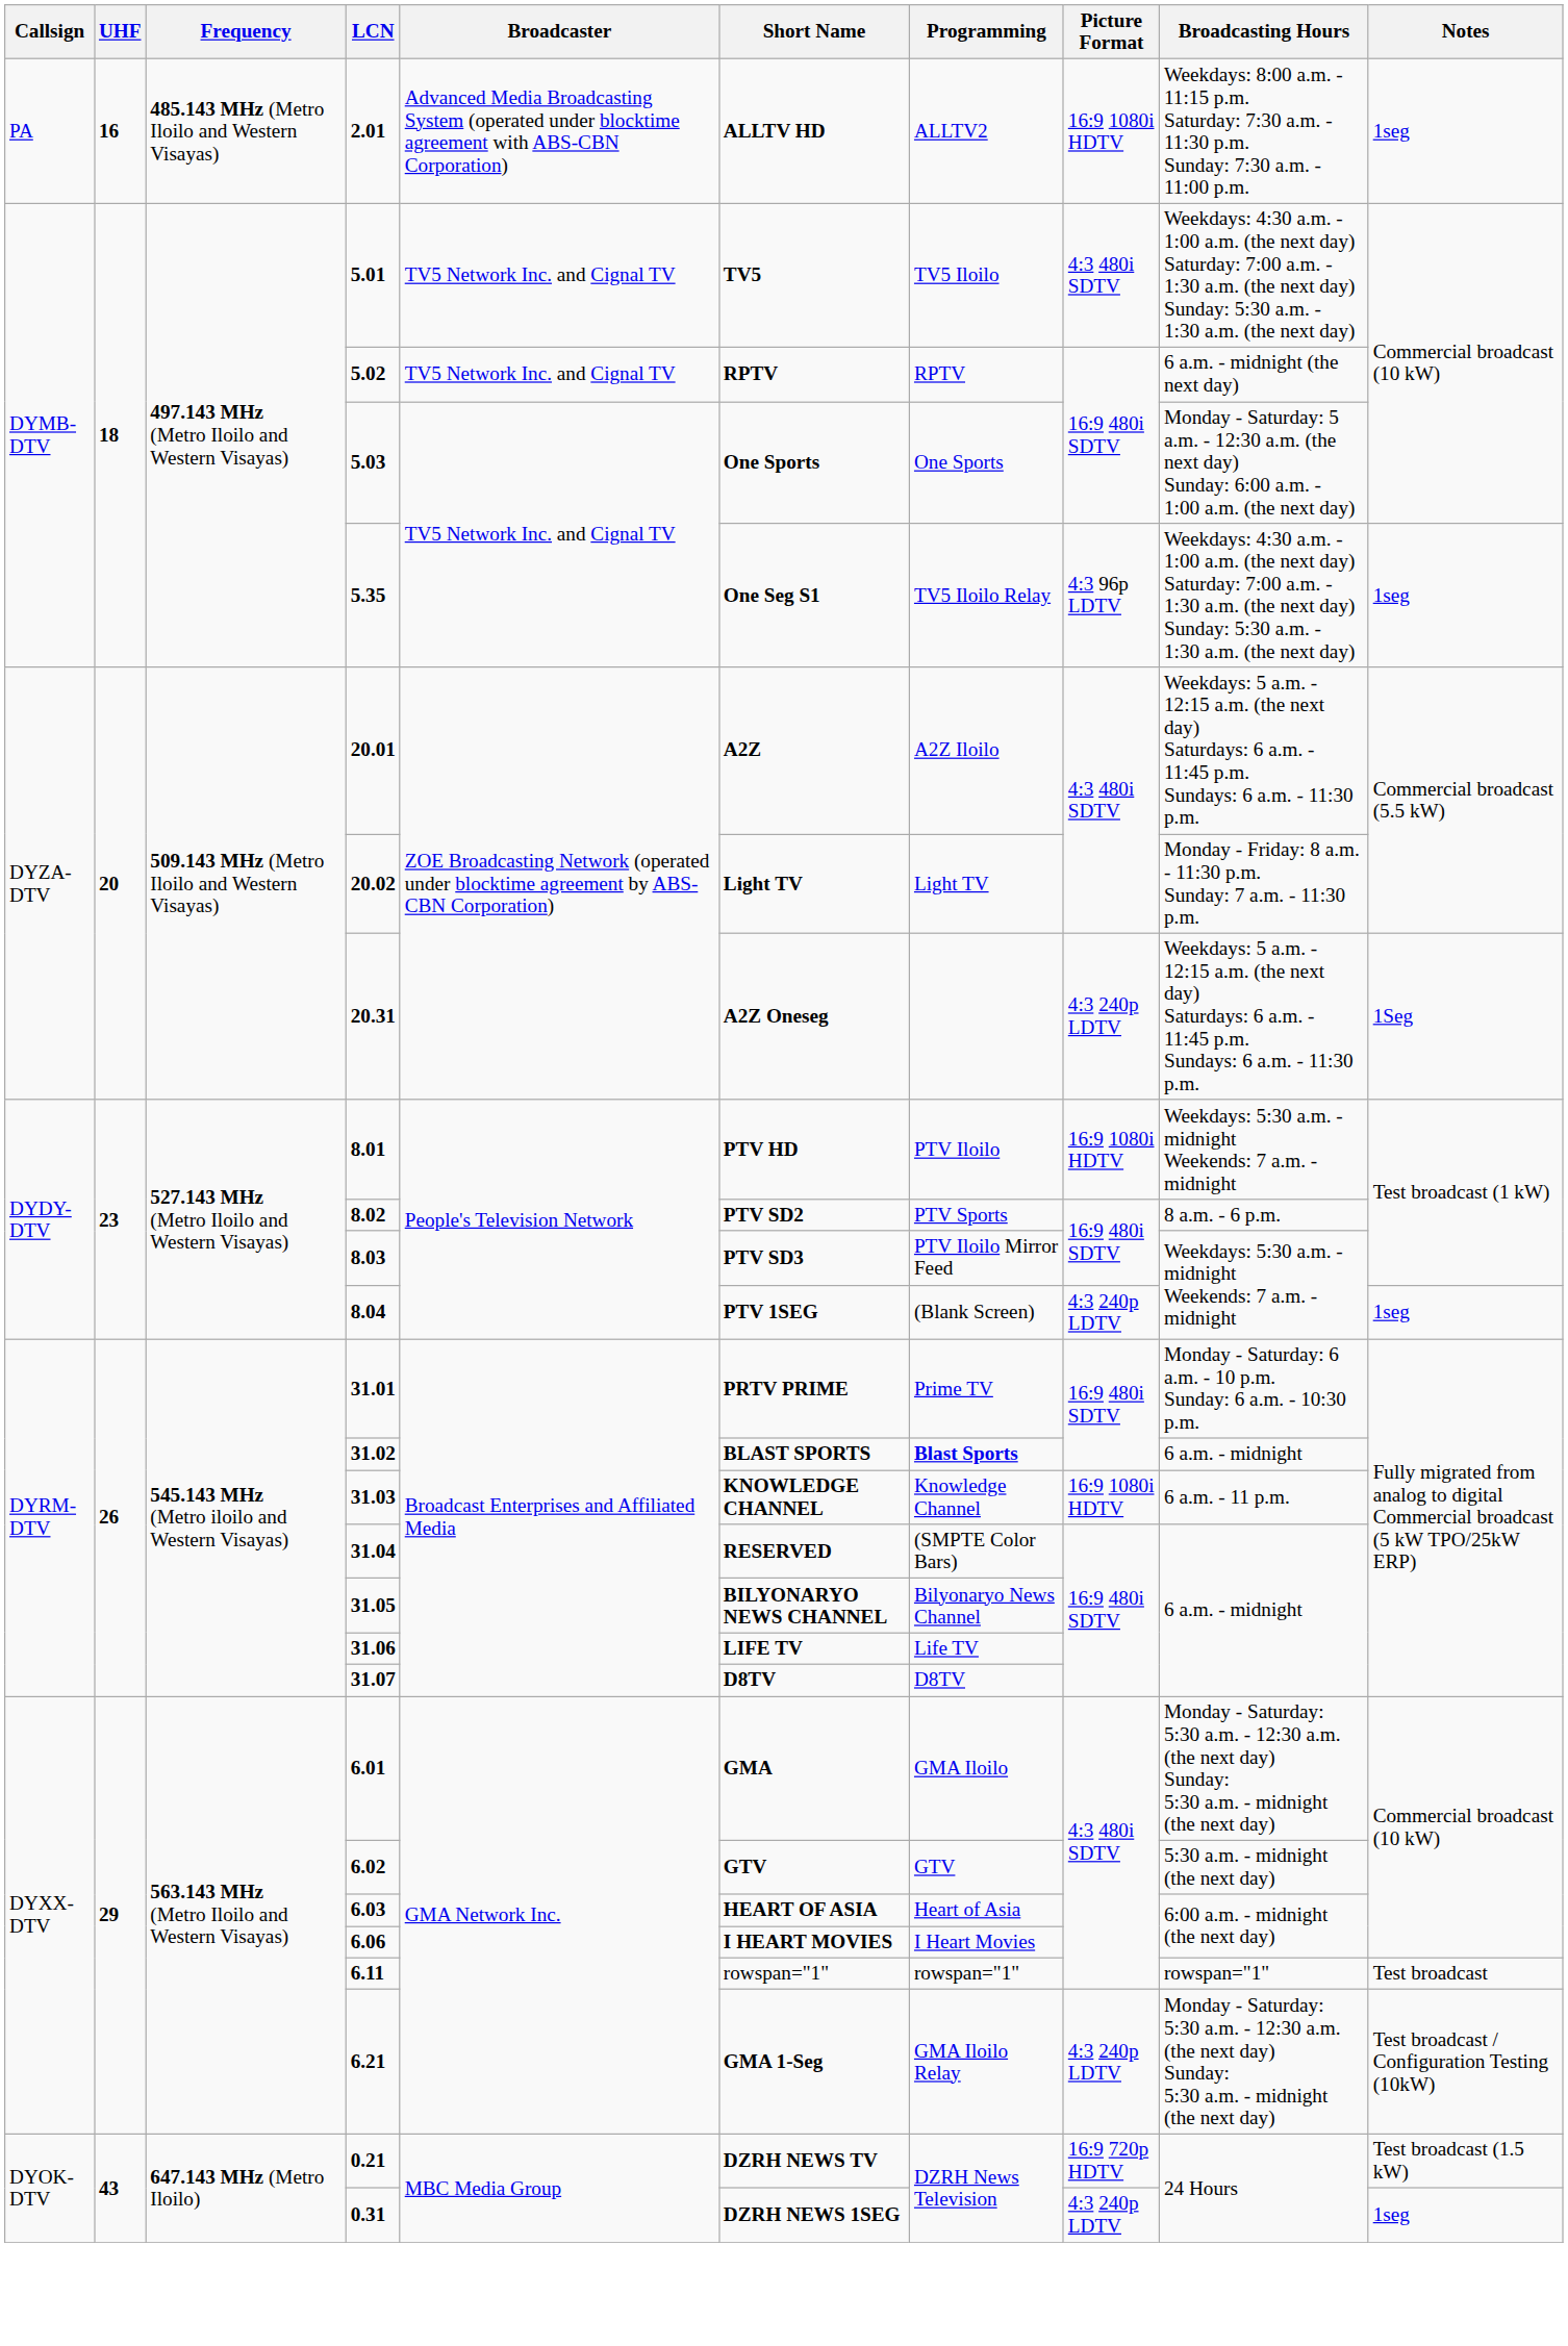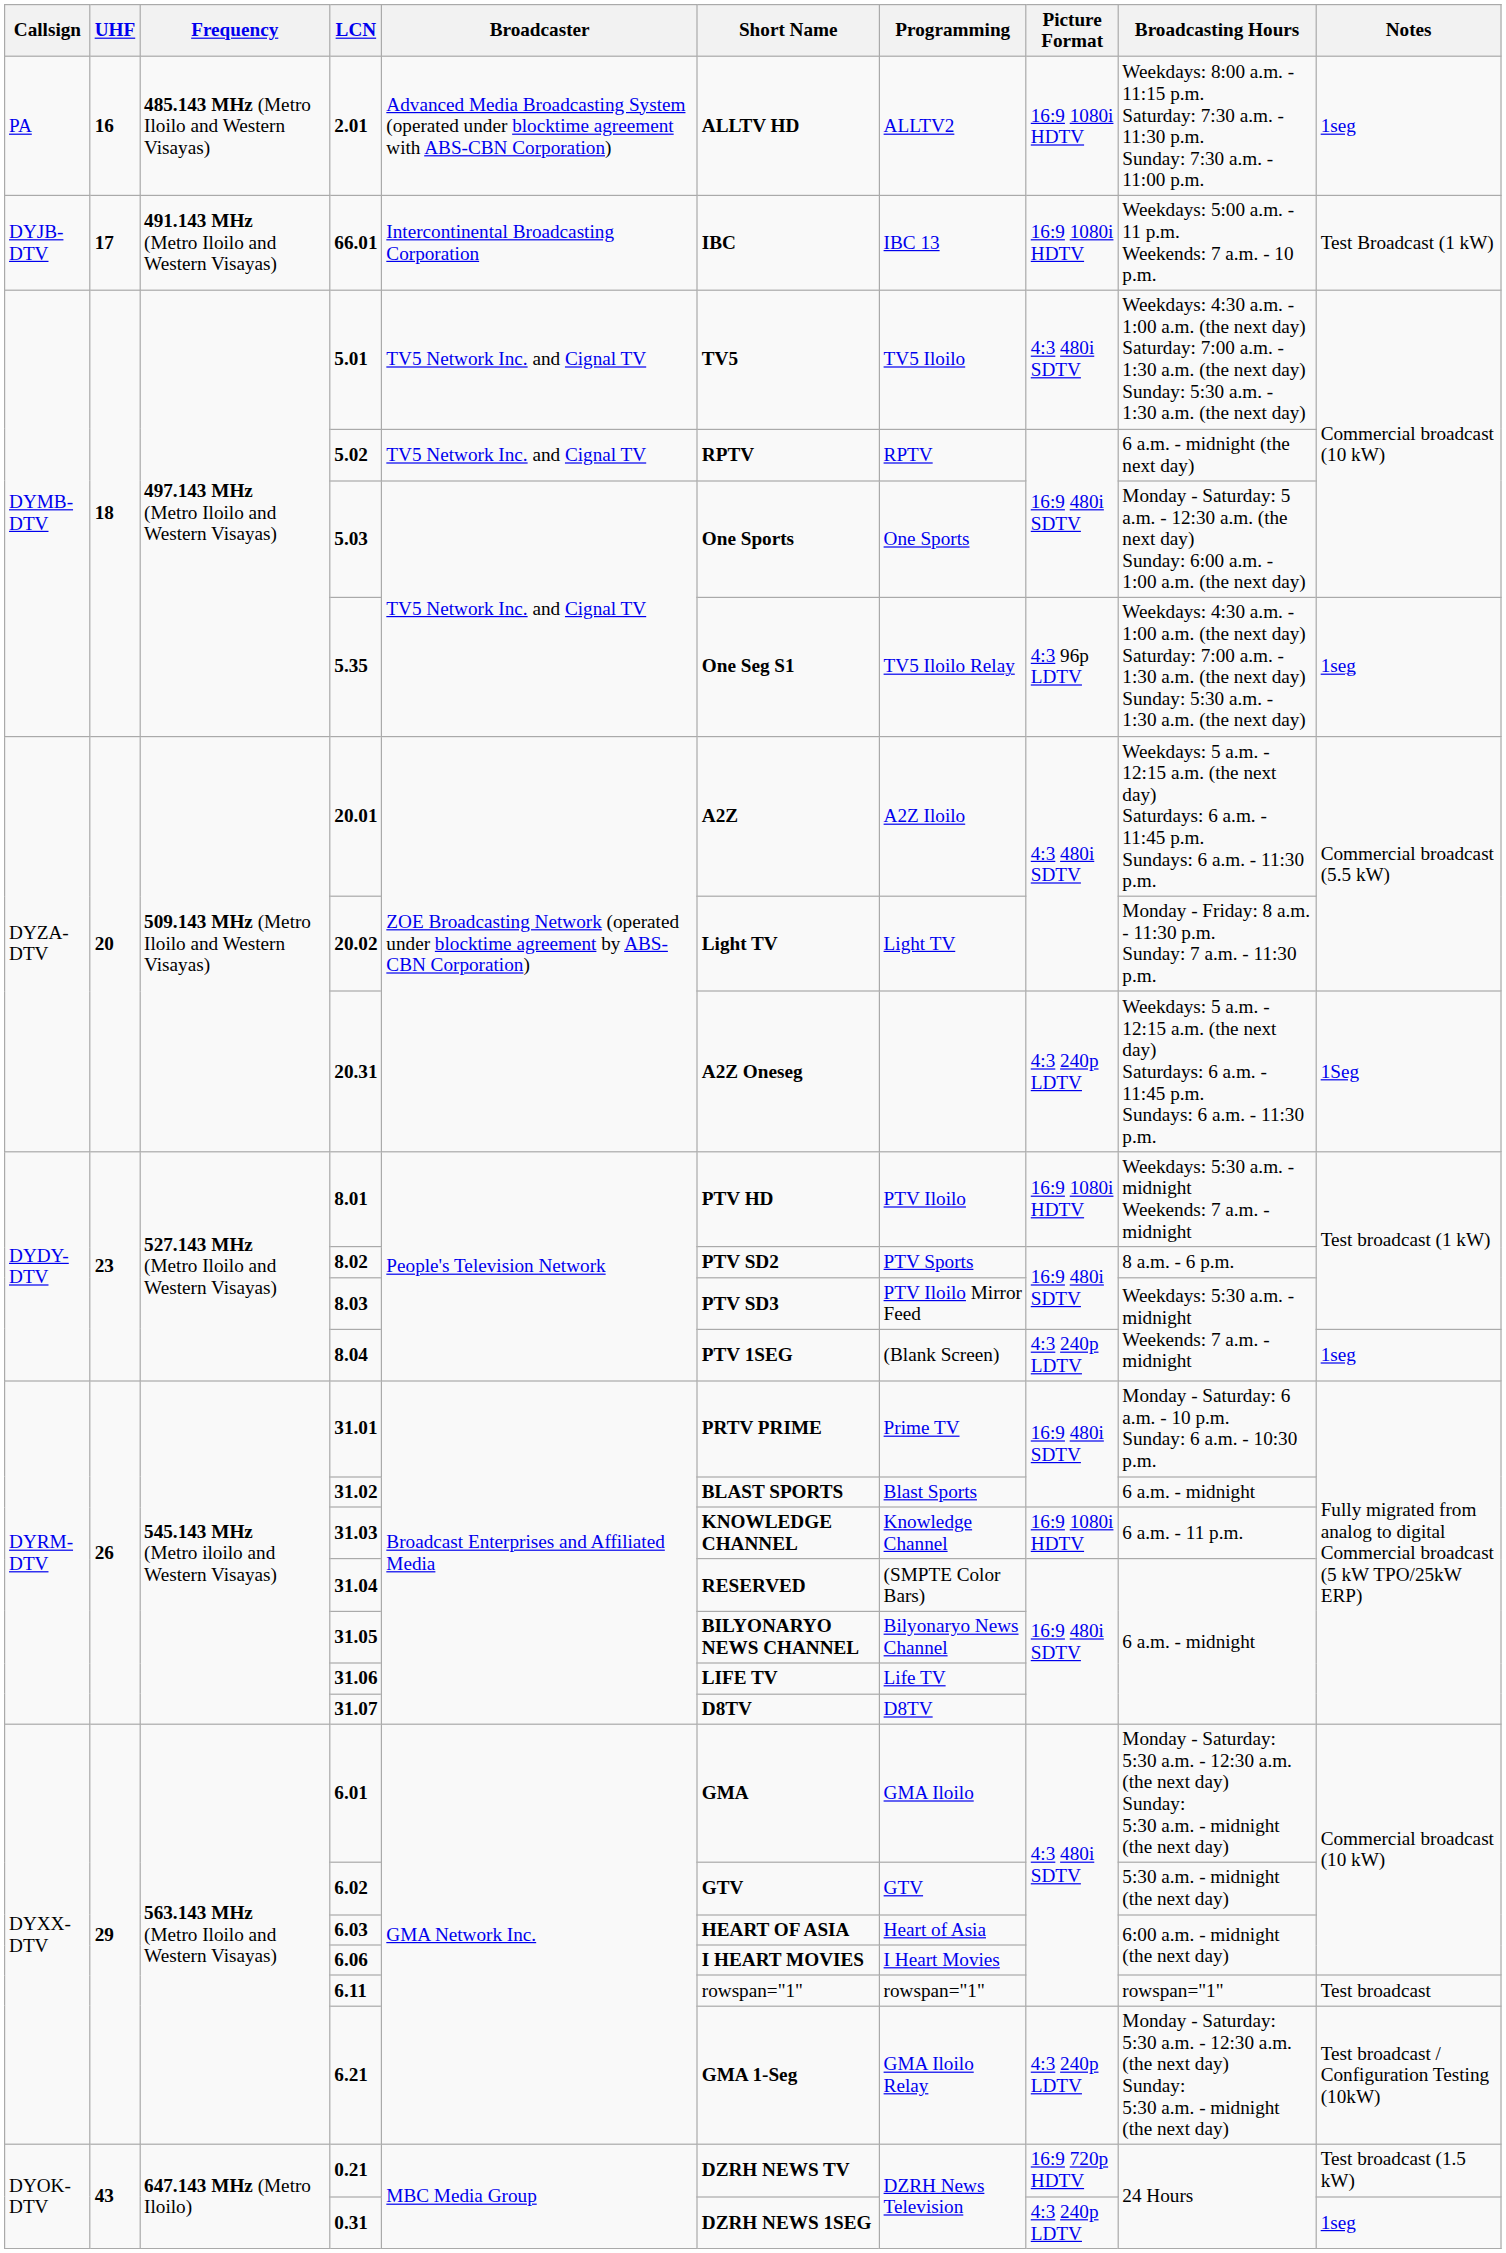 <table class="wikitable sortable">
 <tr>
 <th>Callsign</th>
 <th><a href='#'>UHF</a></th>
 <th><a href='#'>Frequency</a></th>
 <th><a href='#'>LCN</a></th>
 <th>Broadcaster</th>
 <th>Short Name</th>
 <th>Programming</th>
 <th>Picture Format</th>
 <th>Broadcasting Hours</th>
 <th>Notes</th>
 </tr>
 <tr>
 <td rowspan="1"><a href='#'>PA</a></td>
 <td rowspan="1"><strong>16</strong></td>
 <td rowspan="1"><strong>485.143 MHz</strong> (Metro Iloilo and Western Visayas)</td>
 <td><strong>2.01</strong></td>
 <td rowspan="1"><a href='#'>Advanced Media Broadcasting System</a> (operated under <a href='#'>blocktime agreement</a> with <a href='#'>ABS-CBN Corporation</a>)</td>
 <td><strong>ALLTV HD</strong></td>
 <td rowspan="1"><a href='#'>ALLTV2</a></td>
 <td><a href='#'>16:9</a> <a href='#'>1080i</a> <a href='#'>HDTV</a></td>
 <td rowspan="1">Weekdays: 8:00 a.m. - 11:15 p.m.<br>Saturday: 7:30 a.m. - 11:30 p.m.<br>Sunday: 7:30 a.m. - 11:00 p.m.</td>
 <td><a href='#'>1seg</a></td>
+</tr>
+<tr>
+<td><a href='#'>DYJB-DTV</a></td>
+<td><strong>17</strong></td>
+<td><strong>491.143 MHz</strong><br>(Metro Iloilo and Western Visayas)</td>
+<td><strong>66.01</strong></td>
+<td><a href='#'>Intercontinental Broadcasting Corporation</a></td>
+<td><strong>IBC</strong></td>
+<td><a href='#'>IBC 13</a></td>
+<td><a href='#'>16:9</a> <a href='#'>1080i</a> <a href='#'>HDTV</a></td>
+<td>Weekdays: 5:00 a.m. - 11 p.m. <br> Weekends: 7 a.m. - 10 p.m.</td>
+<td>Test Broadcast (1 kW)</td>
 </tr>
 <tr>
 <td rowspan="4"><a href='#'>DYMB-DTV</a></td>
 <td rowspan="4"><strong>18</strong></td>
 <td rowspan="4"><strong>497.143 MHz</strong><br>(Metro Iloilo and Western Visayas)</td>
 <td><strong>5.01</strong></td>
 <td rowspan="1"><a href='#'>TV5 Network Inc.</a> and <a href='#'>Cignal TV</a></td>
 <td><strong>TV5</strong></td>
 <td><a href='#'>TV5 Iloilo</a></td>
 <td><a href='#'>4:3</a> <a href='#'>480i</a> <a href='#'>SDTV</a></td>
 <td>Weekdays:  4:30 a.m. - 1:00 a.m. (the next day) <br> Saturday: 7:00 a.m. - 1:30 a.m. (the next day) <br> Sunday: 5:30 a.m. - 1:30 a.m. (the next day)</td>
 <td rowspan="3">Commercial broadcast (10 kW)</td>
 </tr>
 <tr>
 <td><strong>5.02</strong></td>
 <td rowspan="1"><a href='#'>TV5 Network Inc.</a> and <a href='#'>Cignal TV</a></td>
 <td><strong>RPTV</strong></td>
 <td><a href='#'>RPTV</a></td>
 <td rowspan="2"><a href='#'>16:9</a> <a href='#'>480i</a> <a href='#'>SDTV</a></td>
 <td>6 a.m. - midnight (the next day)</td>
 </tr>
 <tr>
 <td><strong>5.03</strong></td>
 <td rowspan="2"><a href='#'>TV5 Network Inc.</a> and <a href='#'>Cignal TV</a></td>
 <td><strong>One Sports</strong></td>
 <td><a href='#'>One Sports</a></td>
 <td>Monday - Saturday: 5 a.m. - 12:30 a.m. (the next day) <br> Sunday: 6:00 a.m. - 1:00 a.m. (the next day)</td>
 </tr>
 <tr>
 <td><strong>5.35</strong></td>
 <td><strong>One Seg S1</strong></td>
 <td><a href='#'>TV5 Iloilo Relay</a></td>
 <td><a href='#'>4:3</a> 96p <a href='#'>LDTV</a></td>
 <td>Weekdays:  4:30 a.m. - 1:00 a.m. (the next day) <br> Saturday: 7:00 a.m. - 1:30 a.m. (the next day) <br> Sunday: 5:30 a.m. - 1:30 a.m. (the next day)</td>
 <td><a href='#'>1seg</a></td>
 </tr>
 <tr>
 <td rowspan="3">DYZA-DTV</td>
 <td rowspan="3"><strong>20</strong></td>
 <td rowspan="3"><strong>509.143 MHz</strong> (Metro Iloilo and Western Visayas)</td>
 <td><strong>20.01</strong></td>
 <td rowspan="3"><a href='#'>ZOE Broadcasting Network</a> (operated under <a href='#'>blocktime agreement</a> by <a href='#'>ABS-CBN Corporation</a>)</td>
 <td><strong>A2Z</strong></td>
 <td><a href='#'>A2Z Iloilo</a></td>
 <td rowspan="2"><a href='#'>4:3</a> <a href='#'>480i</a> <a href='#'>SDTV</a></td>
 <td>Weekdays: 5 a.m. - 12:15 a.m. (the next day) <br> Saturdays: 6 a.m. - 11:45 p.m. <br> Sundays: 6 a.m. - 11:30 p.m.</td>
 <td rowspan="2">Commercial broadcast (5.5 kW)</td>
 </tr>
 <tr>
 <td><strong>20.02</strong></td>
 <td><strong>Light TV</strong></td>
 <td><a href='#'>Light TV</a></td>
 <td>Monday - Friday: 8 a.m. - 11:30 p.m.<br>Sunday: 7 a.m. - 11:30 p.m.</td>
 </tr>
 <tr>
 <td><strong>20.31</strong></td>
 <td><strong>A2Z Oneseg</strong></td>
 <td></td>
 <td><a href='#'>4:3</a> <a href='#'>240p</a> <a href='#'>LDTV</a></td>
 <td>Weekdays: 5 a.m. - 12:15 a.m. (the next day) <br> Saturdays: 6 a.m. - 11:45 p.m. <br> Sundays: 6 a.m. - 11:30 p.m.</td>
 <td><a href='#'>1Seg</a></td>
 </tr>
 <tr>
 <td rowspan="4"><a href='#'>DYDY-DTV</a></td>
 <td rowspan="4"><strong>23</strong></td>
 <td rowspan="4"><strong>527.143 MHz</strong> <br>(Metro Iloilo and Western Visayas)</td>
 <td><strong>8.01</strong></td>
 <td rowspan="4"><a href='#'>People's Television Network</a></td>
 <td><strong>PTV HD</strong></td>
 <td><a href='#'>PTV Iloilo</a></td>
 <td><a href='#'>16:9</a> <a href='#'>1080i</a> <a href='#'>HDTV</a></td>
 <td>Weekdays: 5:30 a.m. - midnight <br> Weekends: 7 a.m. - midnight</td>
 <td rowspan="3">Test broadcast (1 kW)</td>
 </tr>
 <tr>
 <td><strong>8.02</strong></td>
 <td><strong>PTV SD2</strong></td>
 <td><a href='#'>PTV Sports</a></td>
 <td rowspan="2"><a href='#'>16:9</a> <a href='#'>480i</a> <a href='#'>SDTV</a></td>
 <td>8 a.m. - 6 p.m.</td>
 </tr>
 <tr>
 <td><strong>8.03</strong></td>
 <td><strong>PTV SD3</strong></td>
 <td><a href='#'>PTV Iloilo</a> Mirror Feed</td>
 <td rowspan="2">Weekdays: 5:30 a.m. - midnight <br> Weekends: 7 a.m. - midnight</td>
 </tr>
 <tr>
 <td><strong>8.04</strong></td>
 <td><strong>PTV 1SEG</strong></td>
 <td>(Blank Screen)</td>
 <td><a href='#'>4:3</a> <a href='#'>240p</a> <a href='#'>LDTV</a></td>
 <td><a href='#'>1seg</a></td>
 </tr>
 <tr>
 <td rowspan="7"><a href='#'>DYRM-DTV</a></td>
 <td rowspan="7"><strong>26</strong></td>
 <td rowspan="7"><strong>545.143 MHz</strong><br>(Metro iloilo and Western Visayas)</td>
 <td><strong>31.01</strong></td>
 <td rowspan="7"><a href='#'>Broadcast Enterprises and Affiliated Media</a></td>
 <td><strong>PRTV PRIME</strong></td>
 <td rowspan="1"><a href='#'>Prime TV</a></td>
 <td rowspan="2"><a href='#'>16:9</a> <a href='#'>480i</a> <a href='#'>SDTV</a></td>
 <td rowspan="1">Monday - Saturday: 6 a.m. - 10 p.m. <br> Sunday: 6 a.m. - 10:30 p.m.</td>
 <td rowspan="7">Fully migrated from analog to digital <br> Commercial broadcast (5 kW TPO/25kW ERP)</td>
 </tr>
 <tr>
 <td><strong>31.02</strong></td>
 <td><strong>BLAST SPORTS</strong></td>
-<td><strong><a href='#'>Blast Sports</a></strong></td>
+<td><a href='#'>Blast Sports</a></td>
 <td>6 a.m. - midnight</td>
 </tr>
 <tr>
 <td><strong>31.03</strong></td>
 <td><strong>KNOWLEDGE CHANNEL</strong></td>
 <td><a href='#'>Knowledge Channel</a></td>
 <td><a href='#'>16:9</a> <a href='#'>1080i</a> <a href='#'>HDTV</a></td>
 <td>6 a.m. - 11 p.m.</td>
 </tr>
 <tr>
 <td><strong>31.04</strong></td>
 <td><strong>RESERVED</strong></td>
 <td>(SMPTE Color Bars)</td>
 <td rowspan="4"><a href='#'>16:9</a> <a href='#'>480i</a> <a href='#'>SDTV</a></td>
 <td rowspan="4">6 a.m. - midnight</td>
 </tr>
 <tr>
 <td><strong>31.05</strong></td>
 <td><strong>BILYONARYO NEWS CHANNEL</strong></td>
 <td><a href='#'>Bilyonaryo News Channel</a></td>
 </tr>
 <tr>
 <td><strong>31.06</strong></td>
 <td><strong>LIFE TV</strong></td>
 <td><a href='#'>Life TV</a></td>
 </tr>
 <tr>
 <td><strong>31.07</strong></td>
 <td><strong>D8TV</strong></td>
 <td><a href='#'>D8TV</a></td>
 </tr>
 <tr>
 <td rowspan="6">DYXX-DTV</td>
 <td rowspan="6"><strong>29</strong></td>
 <td rowspan="6"><strong>563.143 MHz</strong><br>(Metro Iloilo and Western Visayas)</td>
 <td><strong>6.01</strong></td>
 <td rowspan="6"><a href='#'>GMA Network Inc.</a></td>
 <td><strong>GMA</strong></td>
 <td><a href='#'>GMA Iloilo</a></td>
 <td rowspan="5"><a href='#'>4:3</a> <a href='#'>480i</a> <a href='#'>SDTV</a></td>
 <td>Monday - Saturday: <br> 5:30 a.m. - 12:30 a.m. (the next day) <br> Sunday: <br> 5:30 a.m. - midnight (the next day)</td>
 <td rowspan="4">Commercial broadcast (10 kW)</td>
 </tr>
 <tr>
 <td><strong>6.02</strong></td>
 <td><strong>GTV</strong></td>
 <td><a href='#'>GTV</a></td>
 <td rowspan="1">5:30 a.m. - midnight (the next day)</td>
 </tr>
 <tr>
 <td><strong>6.03</strong></td>
 <td><strong>HEART OF ASIA</strong></td>
 <td><a href='#'>Heart of Asia</a></td>
 <td rowspan="2">6:00 a.m. - midnight (the next day)</td>
 </tr>
 <tr>
 <td><strong>6.06</strong></td>
 <td><strong>I HEART MOVIES</strong></td>
 <td><a href='#'>I Heart Movies</a></td>
 </tr>
 <tr>
 <td><strong>6.11</strong></td>
 <td>rowspan="1" </td>
 <td>rowspan="1" </td>
 <td>rowspan="1" </td>
 <td rowspan="1">Test broadcast</td>
 </tr>
 <tr>
 <td><strong>6.21</strong></td>
 <td><strong>GMA 1-Seg</strong></td>
 <td><a href='#'>GMA Iloilo Relay</a></td>
 <td><a href='#'>4:3</a> <a href='#'>240p</a> <a href='#'>LDTV</a></td>
 <td>Monday - Saturday: <br> 5:30 a.m. - 12:30 a.m. (the next day) <br> Sunday: <br> 5:30 a.m. - midnight (the next day)</td>
 <td rowspan="1">Test broadcast / Configuration Testing (10kW)</td>
 </tr>
 <tr>
 <td rowspan="2">DYOK-DTV</td>
 <td rowspan="2"><strong>43</strong></td>
 <td rowspan="2"><strong>647.143 MHz</strong> (Metro Iloilo)</td>
 <td><strong>0.21</strong></td>
 <td rowspan="2"><a href='#'>MBC Media Group</a></td>
 <td><strong>DZRH NEWS TV</strong></td>
 <td rowspan="2"><a href='#'>DZRH News Television</a></td>
 <td><a href='#'>16:9</a> <a href='#'>720p</a> <a href='#'>HDTV</a></td>
 <td rowspan="2">24 Hours</td>
 <td>Test broadcast (1.5 kW)</td>
 </tr>
 <tr>
 <td><strong>0.31</strong></td>
 <td><strong>DZRH NEWS 1SEG</strong></td>
 <td><a href='#'>4:3</a> <a href='#'>240p</a> <a href='#'>LDTV</a></td>
 <td><a href='#'>1seg</a></td>
 </tr>
 </table>
